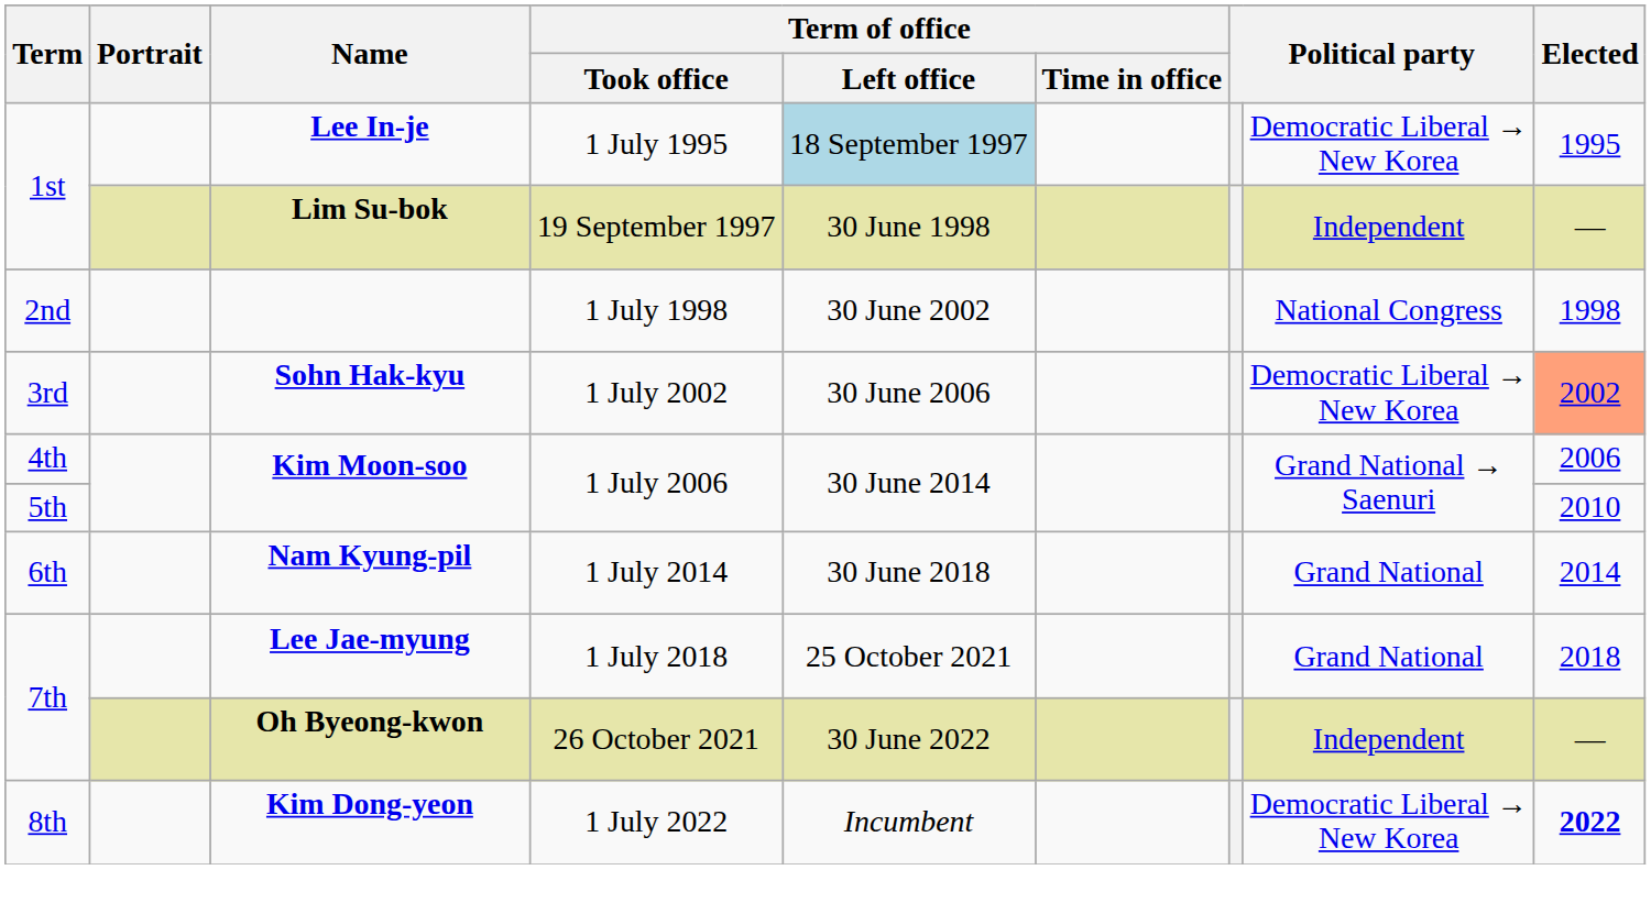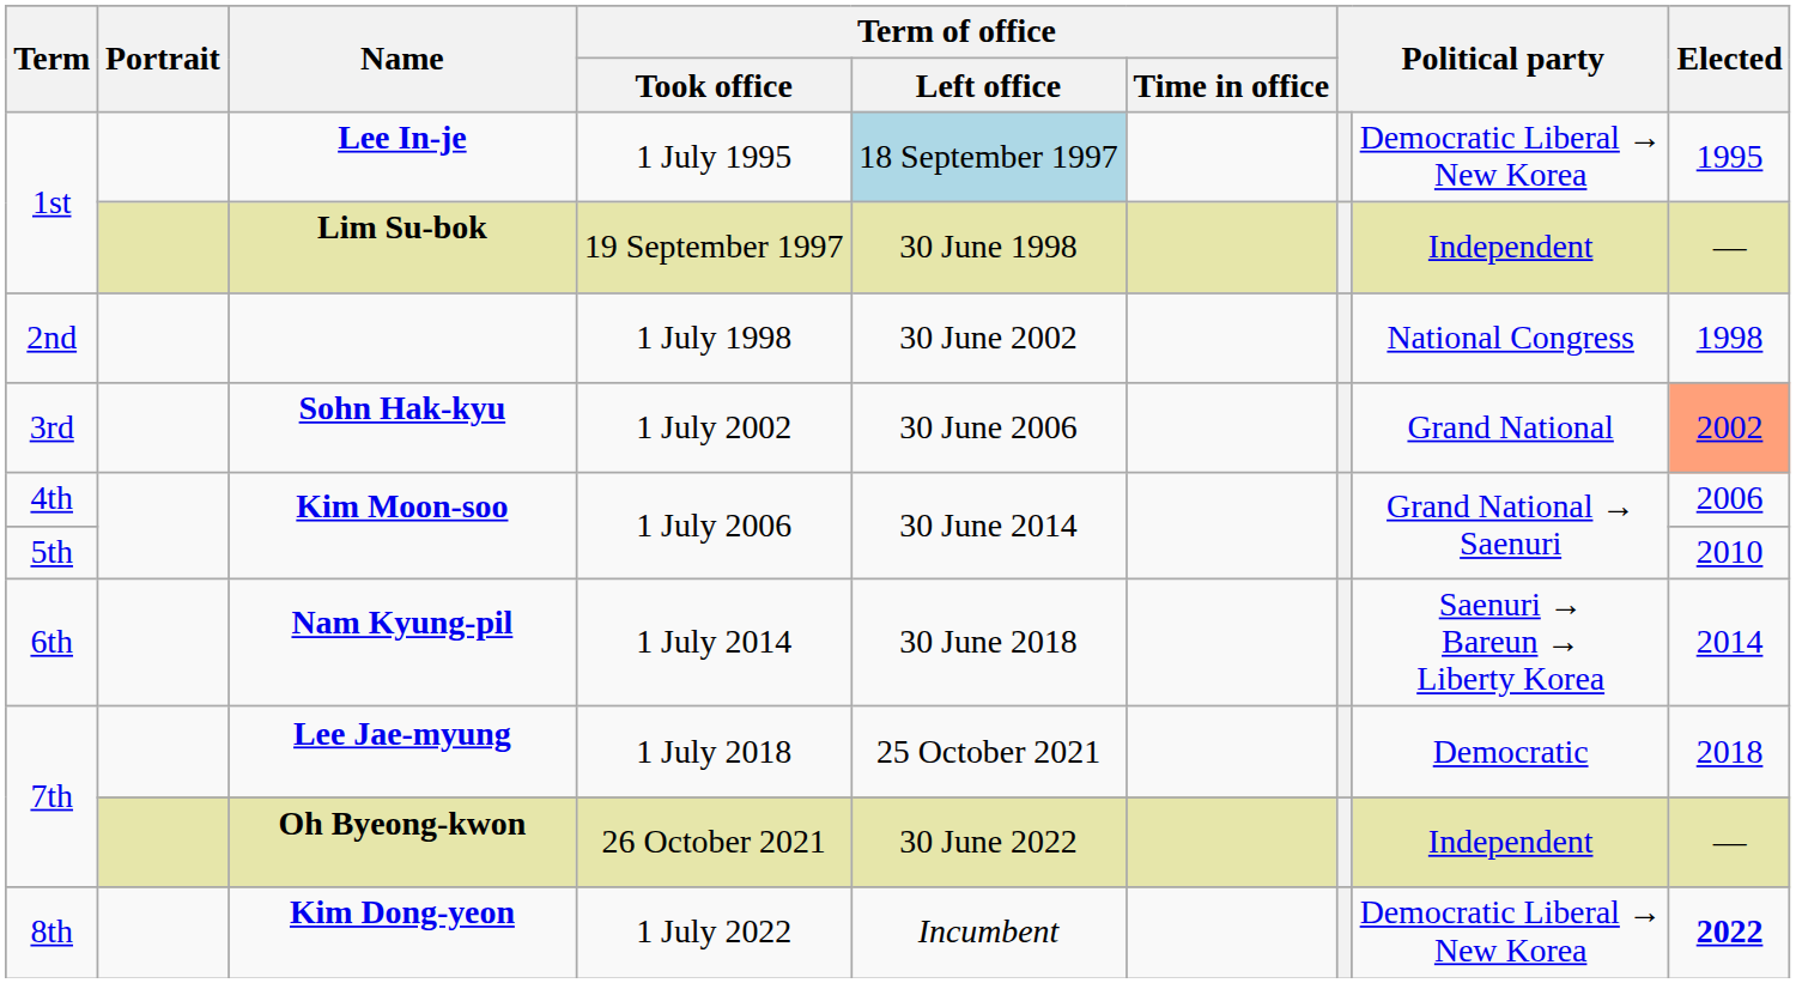 <table class="wikitable" style="text-align:center">
 <tr>
 <th rowspan="2">Term</th>
 <th rowspan="2">Portrait</th>
 <th rowspan="2" width="160">Name<br></th>
 <th colspan="3">Term of office</th>
 <th colspan="2" rowspan="2">Political party</th>
 <th rowspan="2">Elected</th>
 </tr>
 <tr>
 <th>Took office</th>
 <th>Left office</th>
 <th>Time in office</th>
 </tr>
 <tr>
 <td rowspan="2"><a href='#'>1st</a></td>
 <td></td>
 <td><strong><a href='#'>Lee In-je</a></strong><br><br></td>
 <td>1 July 1995</td>
 <td style="background: lightblue;">18 September 1997</td>
 <td></td>
 <th style="background:"></th>
 <td><a href='#'>Democratic Liberal</a> →<br><a href='#'>New Korea</a></td>
 <td><a href='#'>1995</a></td>
 </tr>
 <tr style="background:#E6E6AA;">
 <td></td>
 <td><strong>Lim Su-bok</strong><br><br></td>
 <td>19 September 1997</td>
 <td>30 June 1998</td>
 <td></td>
 <th style="background:"></th>
 <td><a href='#'>Independent</a></td>
 <td>—</td>
 </tr>
 <tr>
 <td><a href='#'>2nd</a></td>
 <td></td>
 <td><strong></strong><br><br></td>
 <td>1 July 1998</td>
 <td>30 June 2002</td>
 <td></td>
 <th style="background:"></th>
 <td><a href='#'>National Congress</a></td>
 <td><a href='#'>1998</a></td>
 </tr>
 <tr>
 <td><a href='#'>3rd</a></td>
 <td></td>
 <td><strong><a href='#'>Sohn Hak-kyu</a></strong><br><br></td>
 <td>1 July 2002</td>
 <td>30 June 2006</td>
 <td></td>
 <th style="background:"></th>
-<td><a href='#'>Democratic Liberal</a> →<br><a href='#'>New Korea</a></td>
+<td><a href='#'>Grand National</a></td>
 <td style="background: lightsalmon;"><a href='#'>2002</a></td>
 </tr>
 <tr>
 <td><a href='#'>4th</a></td>
 <td rowspan="2"></td>
 <td rowspan="2"><strong><a href='#'>Kim Moon-soo</a></strong><br><br></td>
 <td rowspan="2">1 July 2006</td>
 <td rowspan="2">30 June 2014</td>
 <td rowspan="2"></td>
 <th rowspan="2" style="background:"></th>
 <td rowspan="2"><a href='#'>Grand National</a> →<br><a href='#'>Saenuri</a></td>
 <td><a href='#'>2006</a></td>
 </tr>
 <tr>
 <td><a href='#'>5th</a></td>
 <td><a href='#'>2010</a></td>
 </tr>
 <tr>
 <td><a href='#'>6th</a></td>
 <td></td>
 <td><strong><a href='#'>Nam Kyung-pil</a></strong><br><br></td>
 <td>1 July 2014</td>
 <td>30 June 2018</td>
 <td></td>
 <th style="background:"></th>
-<td><a href='#'>Grand National</a></td>
+<td><a href='#'>Saenuri</a> →<br><a href='#'>Bareun</a> →<br><a href='#'>Liberty Korea</a></td>
 <td><a href='#'>2014</a></td>
 </tr>
 <tr>
 <td rowspan="2"><a href='#'>7th</a></td>
 <td></td>
 <td><strong><a href='#'>Lee Jae-myung</a></strong><br><br></td>
 <td>1 July 2018</td>
 <td>25 October 2021</td>
 <td></td>
 <th style="background:"></th>
-<td><a href='#'>Grand National</a></td>
+<td><a href='#'>Democratic</a></td>
 <td><a href='#'>2018</a></td>
 </tr>
 <tr style="background:#E6E6AA;">
 <td></td>
 <td><strong>Oh Byeong-kwon</strong><br><br></td>
 <td>26 October 2021</td>
 <td>30 June 2022</td>
 <td></td>
 <th style="background:"></th>
 <td><a href='#'>Independent</a></td>
 <td>—</td>
 </tr>
 <tr>
 <td><a href='#'>8th</a></td>
 <td></td>
 <td><strong><a href='#'>Kim Dong-yeon</a></strong><br><br></td>
 <td>1 July 2022</td>
 <td><em>Incumbent</em></td>
 <td></td>
 <th style="background:"></th>
 <td><a href='#'>Democratic Liberal</a> →<br><a href='#'>New Korea</a></td>
 <td><strong><a href='#'>2022</a></strong></td>
 </tr>
 </table>
